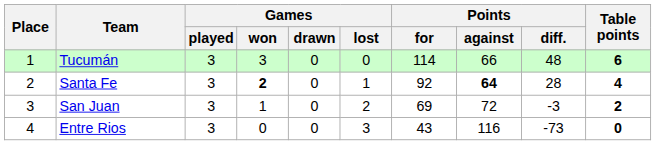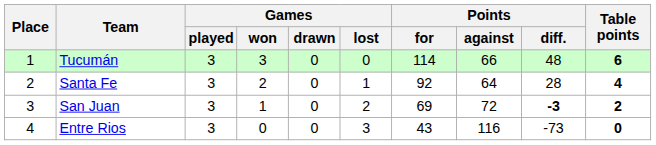 <table class="wikitable">
 <tr>
 <th rowspan=2 width="8%">Place</th>
 <th rowspan=2 width="20%">Team</th>
 <th colspan=4 width="32%">Games</th>
 <th colspan=3 width="30%">Points</th>
 <th rowspan=2 width="10%">Table<br>points</th>
 </tr>
 <tr>
 <th width="8%">played</th>
 <th width="8%">won</th>
 <th width="8%">drawn</th>
 <th width="8%">lost</th>
 <th width="10%">for</th>
 <th width="10%">against</th>
 <th width="10%">diff.</th>
 </tr>
 <tr align=center style="background: #ccffcc;">
 <td>1</td>
 <td align=left><a href='#'>Tucumán</a></td>
 <td>3</td>
 <td>3</td>
 <td>0</td>
 <td>0</td>
 <td>114</td>
 <td>66</td>
 <td>48</td>
 <td><strong>6</strong></td>
 </tr>
 <tr align=center style="background: #ffffff;">
 <td>2</td>
 <td align=left><a href='#'>Santa Fe</a></td>
 <td>3</td>
-<td><strong>2</strong></td>
+<td>2</td>
 <td>0</td>
 <td>1</td>
 <td>92</td>
-<td><strong>64</strong></td>
+<td>64</td>
 <td>28</td>
 <td><strong>4</strong></td>
 </tr>
 <tr align=center style="background: #ffffff;">
 <td>3</td>
 <td align=left><a href='#'>San Juan</a></td>
 <td>3</td>
 <td>1</td>
 <td>0</td>
 <td>2</td>
 <td>69</td>
 <td>72</td>
-<td>-3</td>
+<td><strong>-3</strong></td>
 <td><strong>2</strong></td>
 </tr>
 <tr align=center style="background: #ffffff;">
 <td>4</td>
 <td align=left><a href='#'>Entre Rios</a></td>
 <td>3</td>
 <td>0</td>
 <td>0</td>
 <td>3</td>
 <td>43</td>
 <td>116</td>
 <td>-73</td>
 <td><strong>0</strong></td>
 </tr>
 </table>
